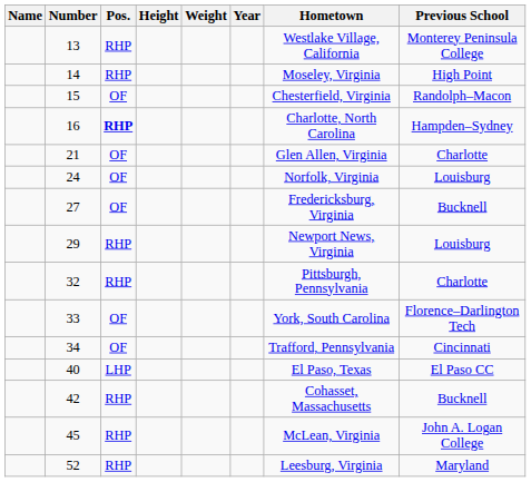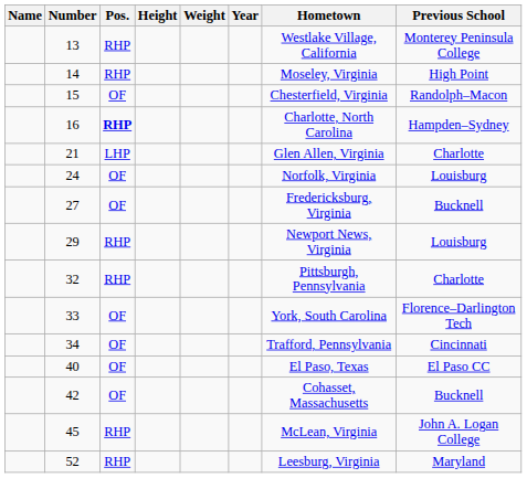 <table class="wikitable sortable sortable" style="text-align: center">
 <tr align=center>
 <th>Name</th>
 <th>Number</th>
 <th>Pos.</th>
 <th>Height</th>
 <th>Weight</th>
 <th>Year</th>
 <th>Hometown</th>
 <th>Previous School</th>
 </tr>
 <tr>
 <td></td>
 <td>13</td>
 <td><a href='#'>RHP</a></td>
 <td></td>
 <td></td>
 <td></td>
 <td><a href='#'>Westlake Village, California</a></td>
 <td><a href='#'>Monterey Peninsula College</a></td>
 </tr>
 <tr>
 <td></td>
 <td>14</td>
 <td><a href='#'>RHP</a></td>
 <td></td>
 <td></td>
 <td></td>
 <td><a href='#'>Moseley, Virginia</a></td>
 <td><a href='#'>High Point</a></td>
 </tr>
 <tr>
 <td></td>
 <td>15</td>
 <td><a href='#'>OF</a></td>
 <td></td>
 <td></td>
 <td></td>
 <td><a href='#'>Chesterfield, Virginia</a></td>
 <td><a href='#'>Randolph–Macon</a></td>
 </tr>
 <tr>
 <td></td>
 <td>16</td>
 <td><strong><a href='#'>RHP</a></strong></td>
 <td></td>
 <td></td>
 <td></td>
 <td><a href='#'>Charlotte, North Carolina</a></td>
 <td><a href='#'>Hampden–Sydney</a></td>
 </tr>
 <tr>
 <td></td>
 <td>21</td>
-<td><a href='#'>OF</a></td>
+<td><a href='#'>LHP</a></td>
 <td></td>
 <td></td>
 <td></td>
 <td><a href='#'>Glen Allen, Virginia</a></td>
 <td><a href='#'>Charlotte</a></td>
 </tr>
 <tr>
 <td></td>
 <td>24</td>
 <td><a href='#'>OF</a></td>
 <td></td>
 <td></td>
 <td></td>
 <td><a href='#'>Norfolk, Virginia</a></td>
 <td><a href='#'>Louisburg</a></td>
 </tr>
 <tr>
 <td></td>
 <td>27</td>
 <td><a href='#'>OF</a></td>
 <td></td>
 <td></td>
 <td></td>
 <td><a href='#'>Fredericksburg, Virginia</a></td>
 <td><a href='#'>Bucknell</a></td>
 </tr>
 <tr>
 <td></td>
 <td>29</td>
 <td><a href='#'>RHP</a></td>
 <td></td>
 <td></td>
 <td></td>
 <td><a href='#'>Newport News, Virginia</a></td>
 <td><a href='#'>Louisburg</a></td>
 </tr>
 <tr>
 <td></td>
 <td>32</td>
 <td><a href='#'>RHP</a></td>
 <td></td>
 <td></td>
 <td></td>
 <td><a href='#'>Pittsburgh, Pennsylvania</a></td>
 <td><a href='#'>Charlotte</a></td>
 </tr>
 <tr>
 <td></td>
 <td>33</td>
 <td><a href='#'>OF</a></td>
 <td></td>
 <td></td>
 <td></td>
 <td><a href='#'>York, South Carolina</a></td>
 <td><a href='#'>Florence–Darlington Tech</a></td>
 </tr>
 <tr>
 <td></td>
 <td>34</td>
 <td><a href='#'>OF</a></td>
 <td></td>
 <td></td>
 <td></td>
 <td><a href='#'>Trafford, Pennsylvania</a></td>
 <td><a href='#'>Cincinnati</a></td>
 </tr>
 <tr>
 <td></td>
 <td>40</td>
-<td><a href='#'>LHP</a></td>
+<td><a href='#'>OF</a></td>
 <td></td>
 <td></td>
 <td></td>
 <td><a href='#'>El Paso, Texas</a></td>
 <td><a href='#'>El Paso CC</a></td>
 </tr>
 <tr>
 <td></td>
 <td>42</td>
-<td><a href='#'>RHP</a></td>
+<td><a href='#'>OF</a></td>
 <td></td>
 <td></td>
 <td></td>
 <td><a href='#'>Cohasset, Massachusetts</a></td>
 <td><a href='#'>Bucknell</a></td>
 </tr>
 <tr>
 <td></td>
 <td>45</td>
 <td><a href='#'>RHP</a></td>
 <td></td>
 <td></td>
 <td></td>
 <td><a href='#'>McLean, Virginia</a></td>
 <td><a href='#'>John A. Logan College</a></td>
 </tr>
 <tr>
 <td></td>
 <td>52</td>
 <td><a href='#'>RHP</a></td>
 <td></td>
 <td></td>
 <td></td>
 <td><a href='#'>Leesburg, Virginia</a></td>
 <td><a href='#'>Maryland</a></td>
 </tr>
 </table>
